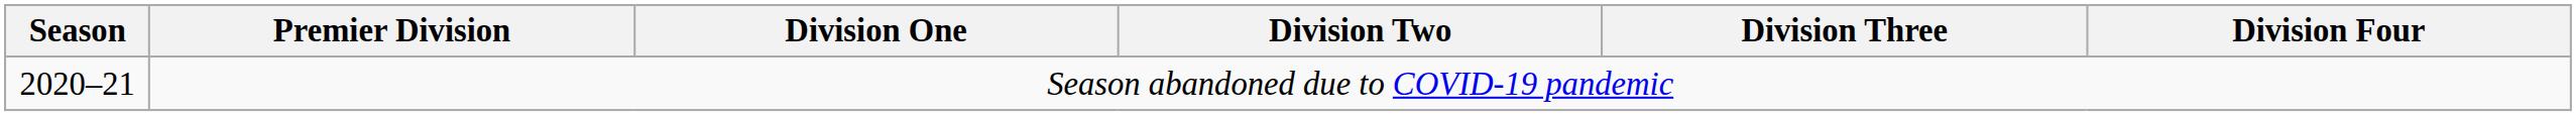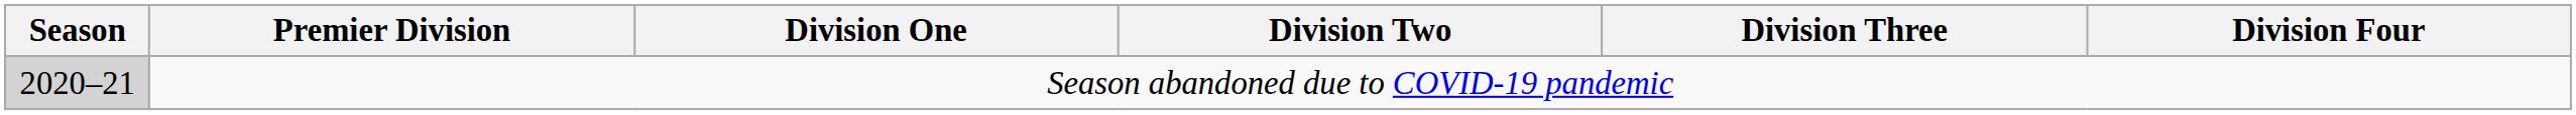 <table class=wikitable style="border:0px; margin-top:-1px; margin-bottom:0;">
 <tr>
 <th width=65px>Season</th>
 <th width=250px>Premier Division</th>
 <th width=250px>Division One</th>
 <th width=250px>Division Two</th>
 <th width=250px>Division Three</th>
 <th width=250px>Division Four</th>
 </tr>
 <tr>
-<td align=center>2020–21</td>
+<td align=center style="background: lightgrey;">2020–21</td>
 <td colspan=5 align=center><em>Season abandoned due to <a href='#'>COVID-19 pandemic</a></em></td>
 </tr>
 </table>
